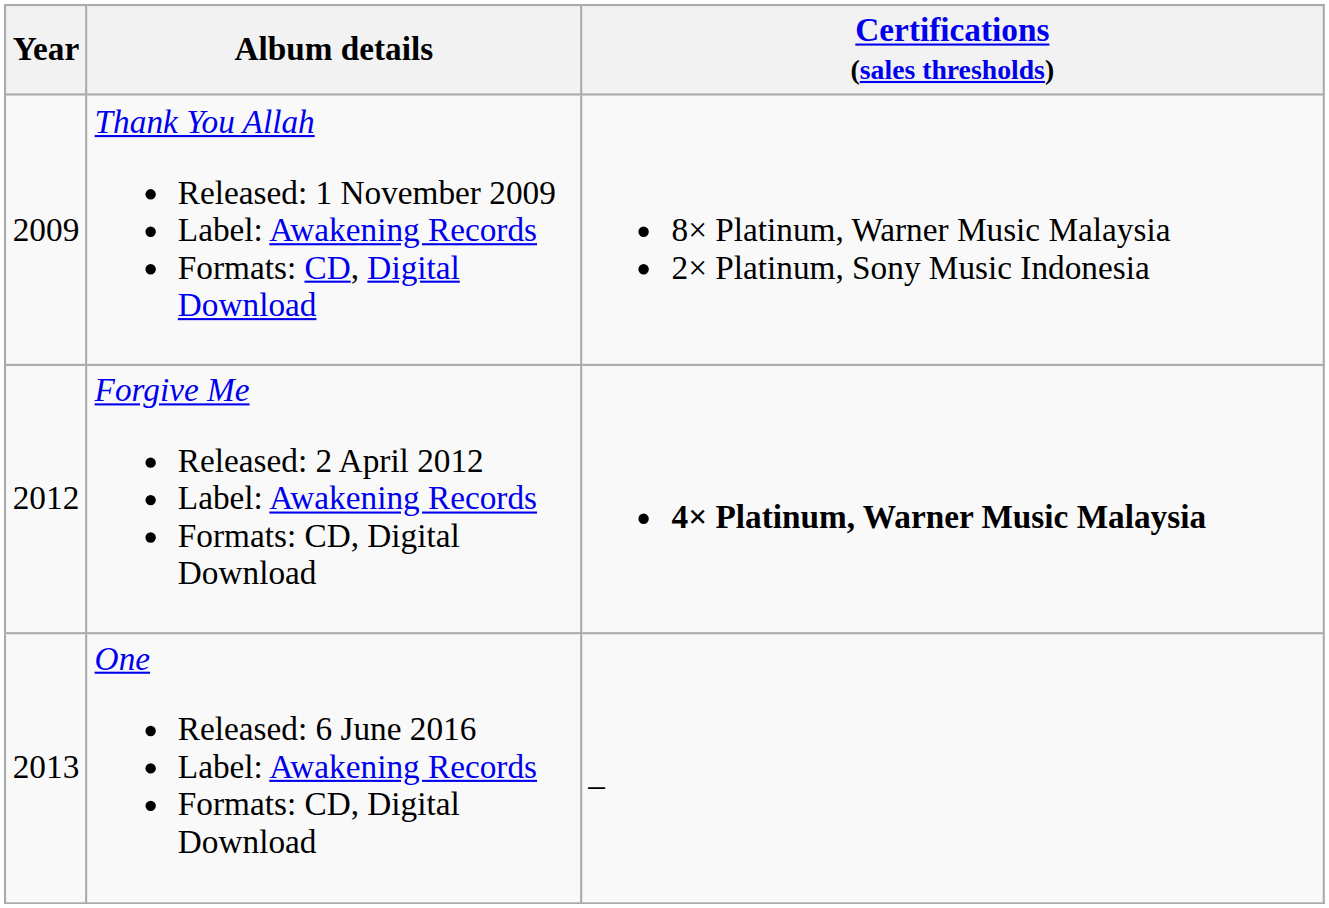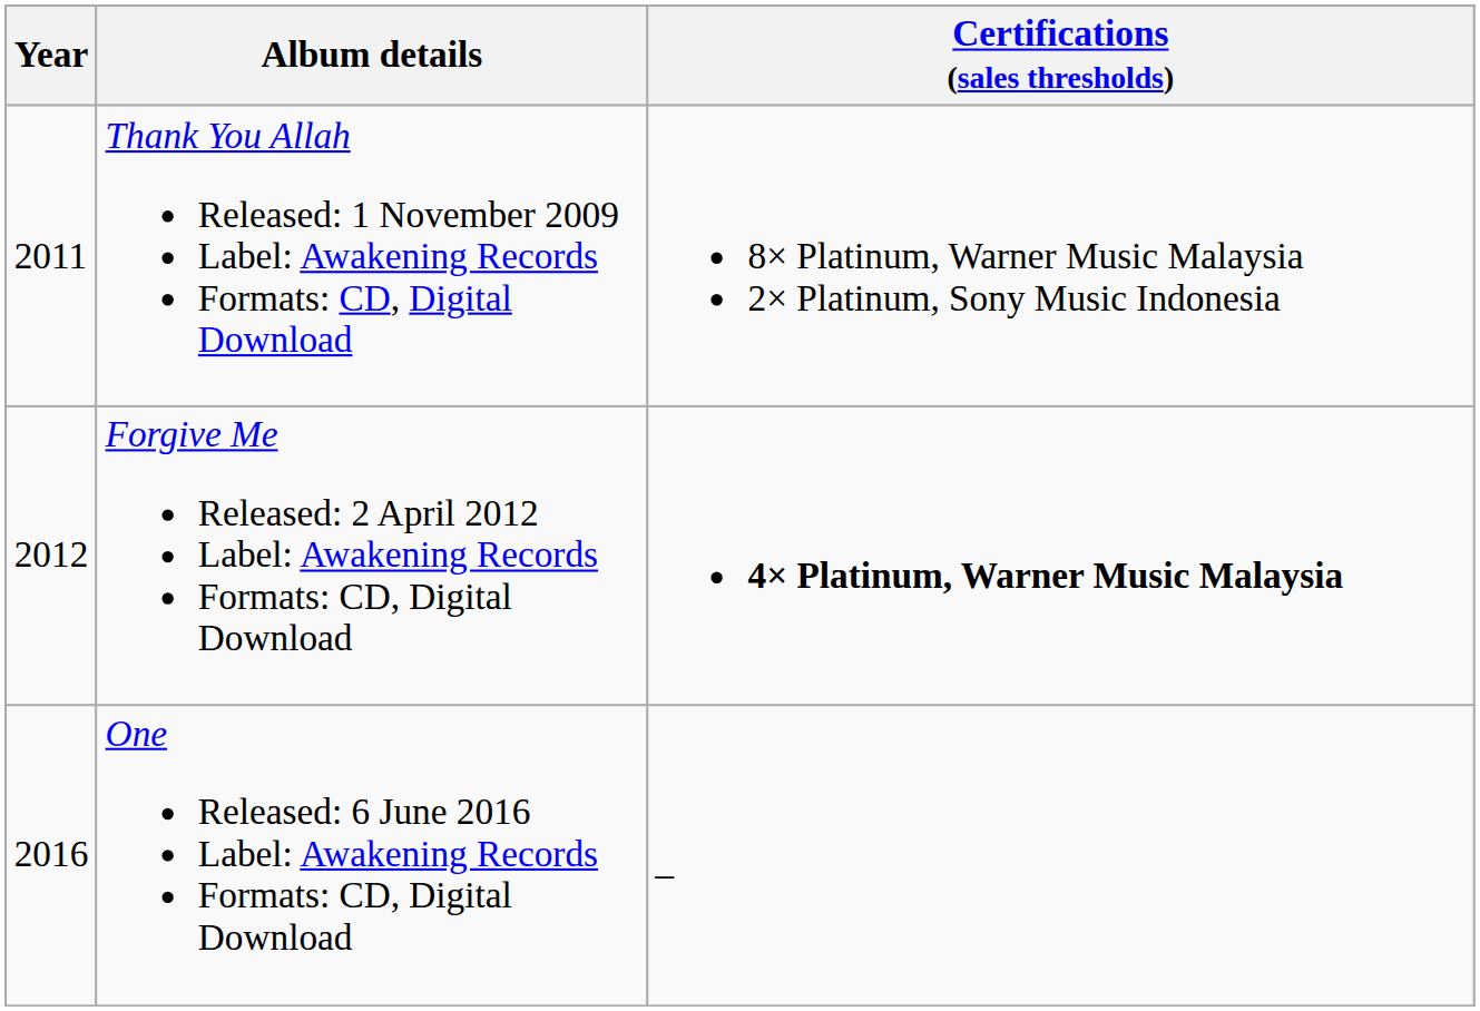 <table class="wikitable">
 <tr>
 <th>Year</th>
 <th style="width:230px;">Album details</th>
 <th style="width:350px;"><a href='#'>Certifications</a><br><small>(<a href='#'>sales thresholds</a>)</small></th>
 </tr>
 <tr>
-<td>2009</td>
+<td>2011</td>
 <td><em><a href='#'>Thank You Allah</a></em><br><ul><li>Released: 1 November 2009</li><li>Label: <a href='#'>Awakening Records</a></li><li>Formats: <a href='#'>CD</a>, <a href='#'>Digital Download</a></li></ul></td>
 <td><br><ul><li>8× Platinum, Warner Music Malaysia</li><li>2× Platinum, Sony Music Indonesia</li></ul></td>
 </tr>
 <tr>
 <td>2012</td>
 <td><em><a href='#'>Forgive Me</a></em><br><ul><li>Released: 2 April 2012</li><li>Label: <a href='#'>Awakening Records</a></li><li>Formats: CD, Digital Download</li></ul></td>
 <td><strong><br><ul><li>4× Platinum, Warner Music Malaysia</li></ul></strong></td>
 </tr>
 <tr>
-<td>2013</td>
+<td>2016</td>
 <td><em><a href='#'>One</a></em><br><ul><li>Released: 6 June 2016</li><li>Label: <a href='#'>Awakening Records</a></li><li>Formats: CD, Digital Download</li></ul></td>
 <td><br>–</td>
 </tr>
 <tr>
 </tr>
 </table>
